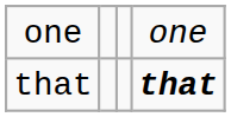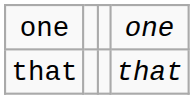 <table class="wikitable" style="text-align: center;">
 <tr>
 <td>one</td>
 <td></td>
 <td></td>
 <td><em>one</em></td>
 </tr>
 <tr>
 <td>that</td>
 <td></td>
 <td></td>
-<td><strong><em>that</em></strong></td>
+<td><em>that</em></td>
 </tr>
 </table>
